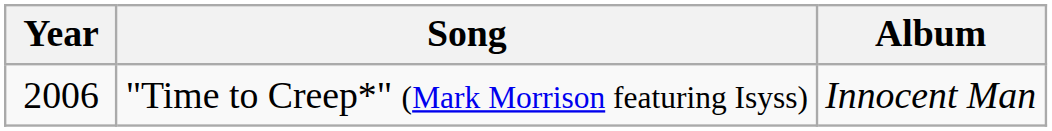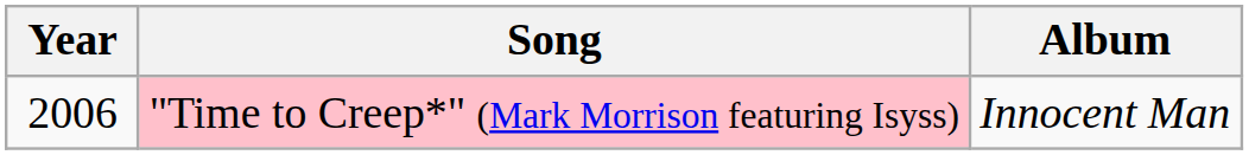 <table class="wikitable">
 <tr>
 <th align="center" valign="top" width="40">Year</th>
 <th align="left" valign="top">Song</th>
 <th align="left" valign="top">Album</th>
 </tr>
 <tr>
 <td align="center" valign="center" rowspan="3">2006</td>
-<td align="left" valign="center">"Time to Creep*" <small>(<a href='#'>Mark Morrison</a> featuring Isyss)</small></td>
+<td align="left" valign="center" style="background: pink;">"Time to Creep*" <small>(<a href='#'>Mark Morrison</a> featuring Isyss)</small></td>
 <td align="left" valign="center" rowspan="3"><em>Innocent Man</em></td>
 </tr>
 </table>
